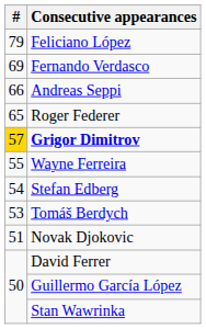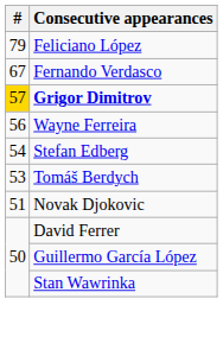 <table class=wikitable style="display:inline-table;">
 <tr>
 <th scope="col">#</th>
 <th scope="col">Consecutive appearances</th>
 </tr>
 <tr>
 <td>79</td>
 <td> <a href='#'>Feliciano López</a></td>
 </tr>
 <tr>
-<td>69</td>
+<td>67</td>
 <td> <a href='#'>Fernando Verdasco</a></td>
-</tr>
-<tr>
-<td>66</td>
-<td> <a href='#'>Andreas Seppi</a></td>
-</tr>
-<tr>
-<td>65</td>
-<td> Roger Federer</td>
 </tr>
 <tr>
 <td style="background: gold;">57</td>
 <td> <strong><a href='#'>Grigor Dimitrov</a></strong></td>
 </tr>
 <tr>
-<td>55</td>
+<td>56</td>
 <td> <a href='#'>Wayne Ferreira</a></td>
 </tr>
 <tr>
 <td>54</td>
 <td> <a href='#'>Stefan Edberg</a></td>
 </tr>
 <tr>
 <td>53</td>
 <td> <a href='#'>Tomáš Berdych</a></td>
 </tr>
 <tr>
 <td>51</td>
 <td> Novak Djokovic</td>
 </tr>
 <tr>
 <td rowspan="3">50</td>
 <td> David Ferrer</td>
 </tr>
 <tr>
 <td> <a href='#'>Guillermo García López</a></td>
 </tr>
 <tr>
 <td> <a href='#'>Stan Wawrinka</a></td>
 </tr>
 </table>
